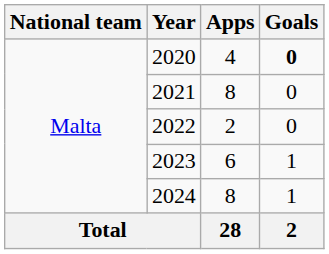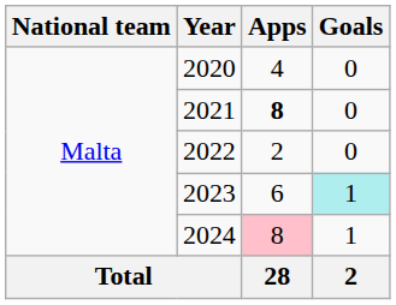 <table class="wikitable" style="text-align:center">
 <tr>
 <th>National team</th>
 <th>Year</th>
 <th>Apps</th>
 <th>Goals</th>
 </tr>
 <tr>
 <td rowspan=5><a href='#'>Malta</a></td>
 <td>2020</td>
 <td>4</td>
-<td><strong>0</strong></td>
+<td>0</td>
 </tr>
 <tr>
 <td>2021</td>
-<td>8</td>
+<td><strong>8</strong></td>
 <td>0</td>
 </tr>
 <tr>
 <td>2022</td>
 <td>2</td>
 <td>0</td>
 </tr>
 <tr>
 <td>2023</td>
 <td>6</td>
-<td>1</td>
+<td style="background: paleturquoise;">1</td>
 </tr>
 <tr>
 <td>2024</td>
-<td>8</td>
+<td style="background: pink;">8</td>
 <td>1</td>
 </tr>
 <tr>
 <th colspan=2>Total</th>
 <th>28</th>
 <th>2</th>
 </tr>
 </table>
